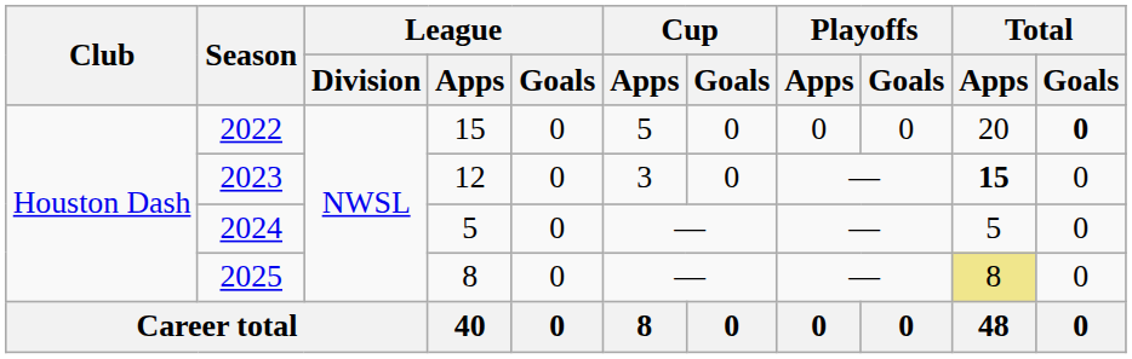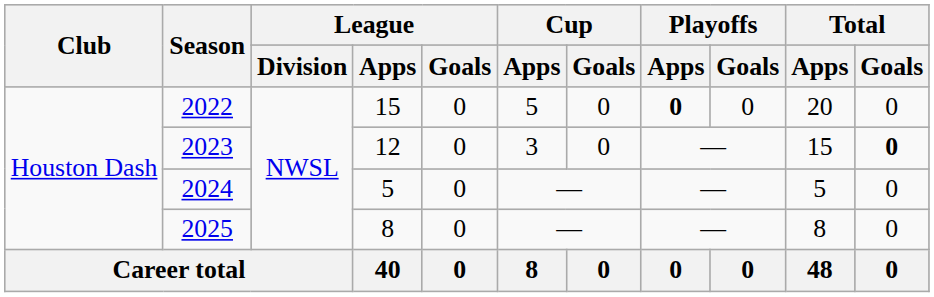 <table class="wikitable" style="text-align: center;">
 <tr>
 <th rowspan="2">Club</th>
 <th rowspan="2">Season</th>
 <th colspan="3">League</th>
 <th colspan="2">Cup</th>
 <th colspan="2">Playoffs</th>
 <th colspan="2">Total</th>
 </tr>
 <tr>
 <th>Division</th>
 <th>Apps</th>
 <th>Goals</th>
 <th>Apps</th>
 <th>Goals</th>
 <th>Apps</th>
 <th>Goals</th>
 <th>Apps</th>
 <th>Goals</th>
 </tr>
 <tr>
 <td rowspan="4"><a href='#'>Houston Dash</a></td>
 <td><a href='#'>2022</a></td>
 <td rowspan="4"><a href='#'>NWSL</a></td>
 <td>15</td>
 <td>0</td>
 <td>5</td>
 <td>0</td>
-<td>0</td>
+<td><strong>0</strong></td>
 <td>0</td>
 <td>20</td>
-<td><strong>0</strong></td>
+<td>0</td>
 </tr>
 <tr>
 <td><a href='#'>2023</a></td>
 <td>12</td>
 <td>0</td>
 <td>3</td>
 <td>0</td>
 <td colspan="2">—</td>
-<td><strong>15</strong></td>
-<td>0</td>
+<td>15</td>
+<td><strong>0</strong></td>
 </tr>
 <tr>
 <td><a href='#'>2024</a></td>
 <td>5</td>
 <td>0</td>
 <td colspan="2">—</td>
 <td colspan="2">—</td>
 <td>5</td>
 <td>0</td>
 </tr>
 <tr>
 <td><a href='#'>2025</a></td>
 <td>8</td>
 <td>0</td>
 <td colspan="2">—</td>
 <td colspan="2">—</td>
-<td style="background: khaki;">8</td>
+<td>8</td>
 <td>0</td>
 </tr>
 <tr>
 <th colspan="3">Career total</th>
 <th>40</th>
 <th>0</th>
 <th>8</th>
 <th>0</th>
 <th>0</th>
 <th>0</th>
 <th>48</th>
 <th>0</th>
 </tr>
 </table>
